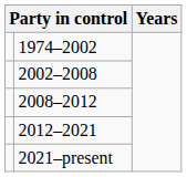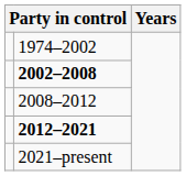 <table class="wikitable">
 <tr>
 <th colspan="2">Party in control</th>
 <th>Years</th>
 </tr>
 <tr>
 <td></td>
 <td>1974–2002</td>
 </tr>
 <tr>
 <td></td>
-<td>2002–2008</td>
+<td><strong>2002–2008</strong></td>
 </tr>
 <tr>
 <td></td>
 <td>2008–2012</td>
 </tr>
 <tr>
 <td></td>
-<td>2012–2021</td>
+<td><strong>2012–2021</strong></td>
 </tr>
 <tr>
 <td></td>
 <td>2021–present</td>
 </tr>
 </table>
